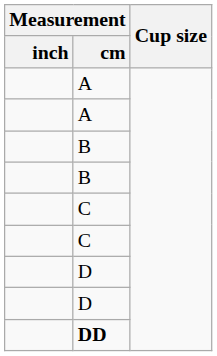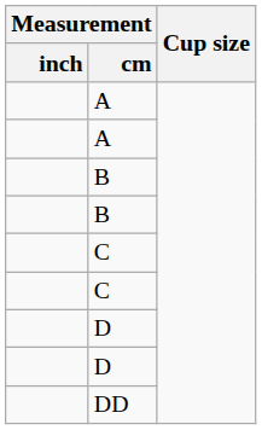 <table class="wikitable floatright">
 <tr>
 <th colspan="2">Measurement</th>
 <th rowspan="2">Cup size</th>
 </tr>
 <tr>
 <th style="text-align:right;">inch</th>
 <th style="text-align:right;">cm</th>
 </tr>
 <tr>
 <td></td>
 <td>A</td>
 </tr>
 <tr>
 <td></td>
 <td>A</td>
 </tr>
 <tr>
 <td></td>
 <td>B</td>
 </tr>
 <tr>
 <td></td>
 <td>B</td>
 </tr>
 <tr>
 <td></td>
 <td>C</td>
 </tr>
 <tr>
 <td></td>
 <td>C</td>
 </tr>
 <tr>
 <td></td>
 <td>D</td>
 </tr>
 <tr>
 <td></td>
 <td>D</td>
 </tr>
 <tr>
 <td></td>
-<td><strong>DD</strong></td>
+<td>DD</td>
 </tr>
 </table>
